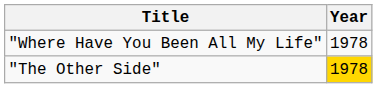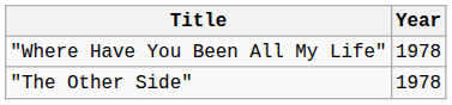 <table class="wikitable">
 <tr>
 <th>Title</th>
 <th>Year</th>
 </tr>
 <tr>
 <td>"Where Have You Been All My Life"</td>
 <td>1978</td>
 </tr>
 <tr>
 <td>"The Other Side"</td>
-<td style="background: gold;">1978</td>
+<td>1978</td>
 </tr>
 </table>
